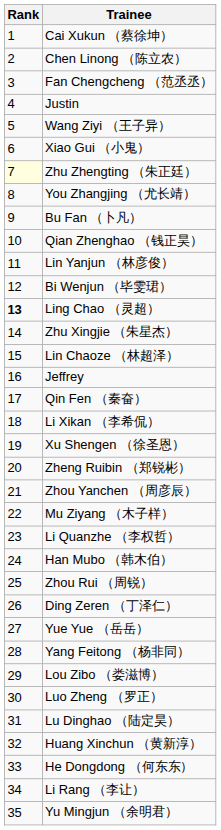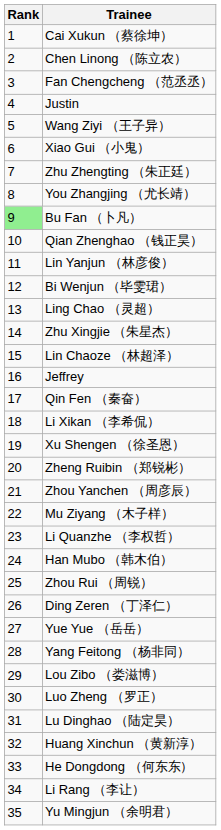 <table class="wikitable">
 <tr>
 <th>Rank</th>
 <th>Trainee</th>
 </tr>
 <tr>
 <td>1</td>
 <td>Cai Xukun （蔡徐坤）</td>
 </tr>
 <tr>
 <td>2</td>
 <td>Chen Linong （陈立农）</td>
 </tr>
 <tr>
 <td>3</td>
 <td>Fan Chengcheng （范丞丞）</td>
 </tr>
 <tr>
 <td>4</td>
 <td>Justin</td>
 </tr>
 <tr>
 <td>5</td>
 <td>Wang Ziyi （王子异）</td>
 </tr>
 <tr>
 <td>6</td>
 <td>Xiao Gui （小鬼）</td>
 </tr>
 <tr>
-<td style="background: lightyellow;">7</td>
+<td>7</td>
 <td>Zhu Zhengting （朱正廷）</td>
 </tr>
 <tr>
 <td>8</td>
 <td>You Zhangjing （尤长靖）</td>
 </tr>
 <tr>
-<td>9</td>
+<td style="background: lightgreen;">9</td>
 <td>Bu Fan （卜凡）</td>
 </tr>
 <tr>
 <td>10</td>
 <td>Qian Zhenghao （钱正昊）</td>
 </tr>
 <tr>
 <td>11</td>
 <td>Lin Yanjun （林彦俊）</td>
 </tr>
 <tr>
 <td>12</td>
 <td>Bi Wenjun （毕雯珺）</td>
 </tr>
 <tr>
-<td><strong>13</strong></td>
+<td>13</td>
 <td>Ling Chao （灵超）</td>
 </tr>
 <tr>
 <td>14</td>
 <td>Zhu Xingjie （朱星杰）</td>
 </tr>
 <tr>
 <td>15</td>
 <td>Lin Chaoze （林超泽）</td>
 </tr>
 <tr>
 <td>16</td>
 <td>Jeffrey</td>
 </tr>
 <tr>
 <td>17</td>
 <td>Qin Fen （秦奋）</td>
 </tr>
 <tr>
 <td>18</td>
 <td>Li Xikan （李希侃）</td>
 </tr>
 <tr>
 <td>19</td>
 <td>Xu Shengen （徐圣恩）</td>
 </tr>
 <tr>
 <td>20</td>
 <td>Zheng Ruibin （郑锐彬）</td>
 </tr>
 <tr>
 <td>21</td>
 <td>Zhou Yanchen （周彦辰）</td>
 </tr>
 <tr>
 <td>22</td>
 <td>Mu Ziyang （木子样）</td>
 </tr>
 <tr>
 <td>23</td>
 <td>Li Quanzhe （李权哲）</td>
 </tr>
 <tr>
 <td>24</td>
 <td>Han Mubo （韩木伯）</td>
 </tr>
 <tr>
 <td>25</td>
 <td>Zhou Rui （周锐）</td>
 </tr>
 <tr>
 <td>26</td>
 <td>Ding Zeren （丁泽仁）</td>
 </tr>
 <tr>
 <td>27</td>
 <td>Yue Yue （岳岳）</td>
 </tr>
 <tr>
 <td>28</td>
 <td>Yang Feitong （杨非同）</td>
 </tr>
 <tr>
 <td>29</td>
 <td>Lou Zibo （娄滋博）</td>
 </tr>
 <tr>
 <td>30</td>
 <td>Luo Zheng （罗正）</td>
 </tr>
 <tr>
 <td>31</td>
 <td>Lu Dinghao （陆定昊）</td>
 </tr>
 <tr>
 <td>32</td>
 <td>Huang Xinchun （黄新淳）</td>
 </tr>
 <tr>
 <td>33</td>
 <td>He Dongdong （何东东）</td>
 </tr>
 <tr>
 <td>34</td>
 <td>Li Rang （李让）</td>
 </tr>
 <tr>
 <td>35</td>
 <td>Yu Mingjun （余明君）</td>
 </tr>
 </table>
